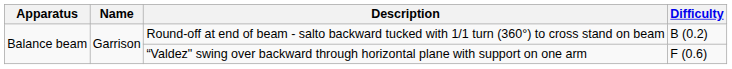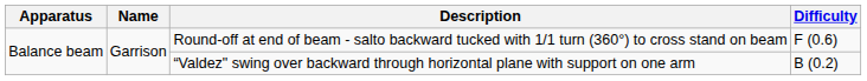 <table class="wikitable">
 <tr>
 <th>Apparatus</th>
 <th>Name</th>
 <th>Description</th>
 <th><a href='#'>Difficulty</a></th>
 </tr>
 <tr>
 <td rowspan="2">Balance beam</td>
 <td rowspan="2">Garrison</td>
 <td>Round-off at end of beam - salto backward tucked with 1/1 turn (360°) to cross stand on beam</td>
-<td>B (0.2)</td>
+<td>F (0.6)</td>
 </tr>
 <tr>
 <td>“Valdez" swing over backward through horizontal plane with support on one arm</td>
-<td>F (0.6)</td>
+<td>B (0.2)</td>
 </tr>
 </table>
